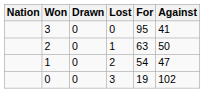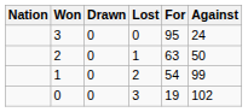 <table class="wikitable">
 <tr>
 <th>Nation</th>
 <th>Won</th>
 <th>Drawn</th>
 <th>Lost</th>
 <th>For</th>
 <th>Against</th>
 </tr>
 <tr>
 <td></td>
 <td>3</td>
 <td>0</td>
 <td>0</td>
 <td>95</td>
-<td>41</td>
+<td>24</td>
 </tr>
 <tr>
 <td></td>
 <td>2</td>
 <td>0</td>
 <td>1</td>
 <td>63</td>
 <td>50</td>
 </tr>
 <tr>
 <td></td>
 <td>1</td>
 <td>0</td>
 <td>2</td>
 <td>54</td>
-<td>47</td>
+<td>99</td>
 </tr>
 <tr>
 <td></td>
 <td>0</td>
 <td>0</td>
 <td>3</td>
 <td>19</td>
 <td>102</td>
 </tr>
 </table>
